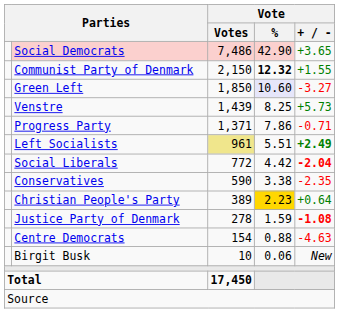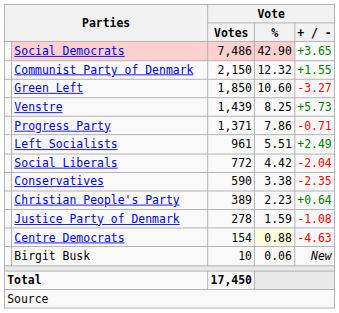 <table class="wikitable" style="text-align:right;">
 <tr>
 <th style="text-align:centre;" rowspan="2" colspan="2" width="225">Parties</th>
 <th colspan="3">Vote</th>
 </tr>
 <tr>
 <th width="15">Votes</th>
 <th width="15">%</th>
 <th width="15">+ / -</th>
 </tr>
 <tr>
 <td width="2" style="color:inherit;background:"></td>
 <td bgcolor=#fbd0ce  align="left"><a href='#'>Social Democrats</a></td>
 <td bgcolor=#fbd0ce>7,486</td>
 <td bgcolor=#fbd0ce>42.90</td>
 <td style=color:green;>+3.65</td>
 </tr>
 <tr>
 <td width="2" style="color:inherit;background:"></td>
 <td align="left"><a href='#'>Communist Party of Denmark</a></td>
 <td>2,150</td>
-<td><strong>12.32</strong></td>
+<td>12.32</td>
 <td style=color:green;>+1.55</td>
 </tr>
 <tr>
 <td width="2" style="color:inherit;background:"></td>
 <td align="left"><a href='#'>Green Left</a></td>
 <td>1,850</td>
-<td style="background: lavender;">10.60</td>
+<td>10.60</td>
 <td style=color:red;>-3.27</td>
 </tr>
 <tr>
 <td width="2" style="color:inherit;background:"></td>
 <td align="left"><a href='#'>Venstre</a></td>
 <td>1,439</td>
 <td>8.25</td>
 <td style=color:green;>+5.73</td>
 </tr>
 <tr>
 <td width="2" style="color:inherit;background:"></td>
 <td align="left"><a href='#'>Progress Party</a></td>
 <td>1,371</td>
 <td>7.86</td>
 <td style=color:red;>-0.71</td>
 </tr>
 <tr>
 <td width="2" style="color:inherit;background:"></td>
 <td align="left"><a href='#'>Left Socialists</a></td>
-<td style="background: khaki;">961</td>
+<td>961</td>
 <td>5.51</td>
-<td style=color:green;><strong>+2.49</strong></td>
+<td style=color:green;>+2.49</td>
 </tr>
 <tr>
 <td width="2" style="color:inherit;background:"></td>
 <td align="left"><a href='#'>Social Liberals</a></td>
 <td>772</td>
 <td>4.42</td>
-<td style=color:red;><strong>-2.04</strong></td>
+<td style=color:red;>-2.04</td>
 </tr>
 <tr>
 <td width="2" style="color:inherit;background:"></td>
 <td align="left"><a href='#'>Conservatives</a></td>
 <td>590</td>
 <td>3.38</td>
 <td style=color:red;>-2.35</td>
 </tr>
 <tr>
 <td width="2" style="color:inherit;background:"></td>
 <td align="left"><a href='#'>Christian People's Party</a></td>
 <td>389</td>
-<td style="background: gold;">2.23</td>
+<td>2.23</td>
 <td style=color:green;>+0.64</td>
 </tr>
 <tr>
 <td width="2" style="color:inherit;background:"></td>
 <td align="left"><a href='#'>Justice Party of Denmark</a></td>
 <td>278</td>
 <td>1.59</td>
-<td style=color:red;><strong>-1.08</strong></td>
+<td style=color:red;>-1.08</td>
 </tr>
 <tr>
 <td width="2" style="color:inherit;background:"></td>
 <td align="left"><a href='#'>Centre Democrats</a></td>
 <td>154</td>
-<td>0.88</td>
+<td style="background: lightyellow;">0.88</td>
 <td style=color:red;>-4.63</td>
 </tr>
 <tr>
 <td width="2" style="color:inherit;background:"></td>
 <td align="left">Birgit Busk</td>
 <td>10</td>
 <td>0.06</td>
 <td><em>New</em></td>
 </tr>
 <tr>
 <td colspan="7" bgcolor="#E9E9E9"></td>
 </tr>
 <tr>
 <td align="left" colspan="2"><strong>Total</strong></td>
 <td><strong>17,450</strong></td>
 <td bgcolor="#E9E9E9" colspan="2"></td>
 </tr>
 <tr>
 <td align="left" colspan="6">Source</td>
 </tr>
 </table>
